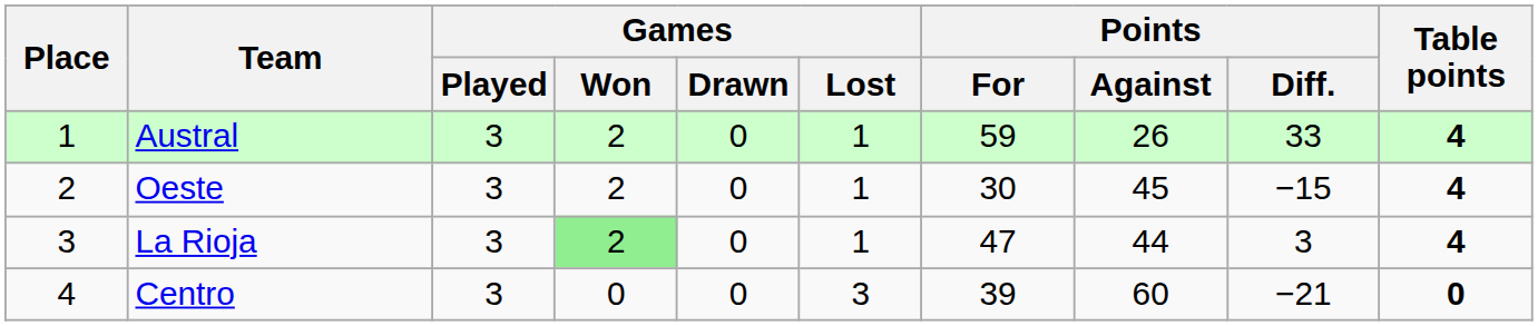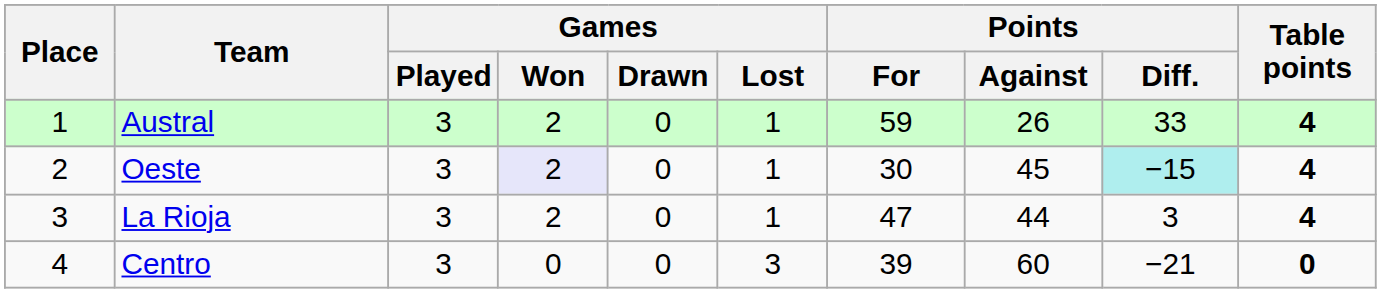 <table class="wikitable" style="text-align:center">
 <tr>
 <th rowspan=2 width="8%">Place</th>
 <th rowspan=2 width="20%">Team</th>
 <th colspan=4 width="32%">Games</th>
 <th colspan=3 width="30%">Points</th>
 <th rowspan=2 width="10%">Table<br>points</th>
 </tr>
 <tr>
 <th width="8%">Played</th>
 <th width="8%">Won</th>
 <th width="8%">Drawn</th>
 <th width="8%">Lost</th>
 <th width="10%">For</th>
 <th width="10%">Against</th>
 <th width="10%">Diff.</th>
 </tr>
 <tr style="background:#ccffcc">
 <td>1</td>
 <td align=left><a href='#'>Austral</a></td>
 <td>3</td>
 <td>2</td>
 <td>0</td>
 <td>1</td>
 <td>59</td>
 <td>26</td>
 <td>33</td>
 <td><strong>4</strong></td>
 </tr>
 <tr>
 <td>2</td>
 <td align=left><a href='#'>Oeste</a></td>
 <td>3</td>
-<td>2</td>
+<td style="background: lavender;">2</td>
 <td>0</td>
 <td>1</td>
 <td>30</td>
 <td>45</td>
-<td>−15</td>
+<td style="background: paleturquoise;">−15</td>
 <td><strong>4</strong></td>
 </tr>
 <tr>
 <td>3</td>
 <td align=left><a href='#'>La Rioja</a></td>
 <td>3</td>
-<td style="background: lightgreen;">2</td>
+<td>2</td>
 <td>0</td>
 <td>1</td>
 <td>47</td>
 <td>44</td>
 <td>3</td>
 <td><strong>4</strong></td>
 </tr>
 <tr>
 <td>4</td>
 <td align=left><a href='#'>Centro</a></td>
 <td>3</td>
 <td>0</td>
 <td>0</td>
 <td>3</td>
 <td>39</td>
 <td>60</td>
 <td>−21</td>
 <td><strong>0</strong></td>
 </tr>
 </table>
